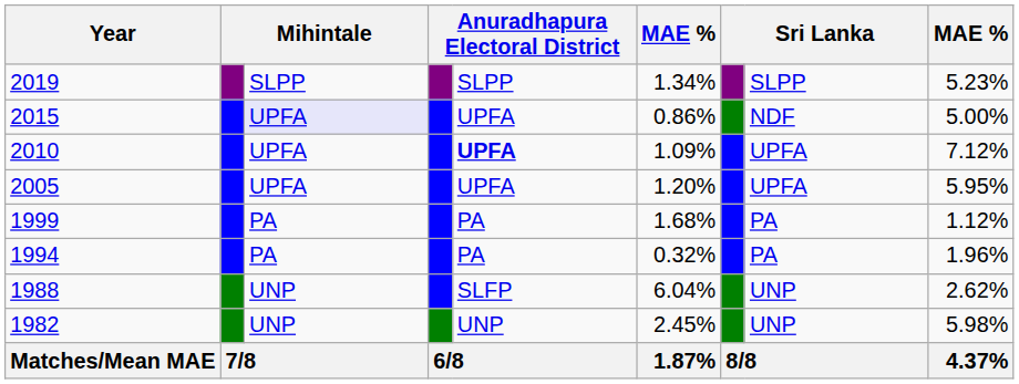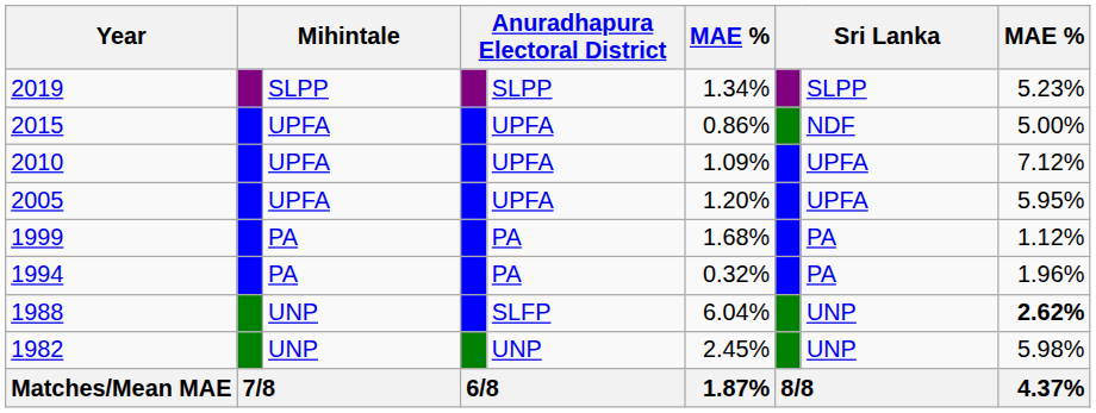 <table class="wikitable">
 <tr>
 <th>Year</th>
 <th colspan="2" width="144px">Mihintale</th>
 <th colspan="2" width="144px"><a href='#'>Anuradhapura Electoral District</a></th>
 <th><a href='#'>MAE</a> %</th>
 <th colspan="2" width="144px">Sri Lanka</th>
 <th>MAE %</th>
 </tr>
 <tr>
 <td><a href='#'>2019</a></td>
 <td style="background-color:purple;" width="10px"></td>
 <td style="text-align:left;"><a href='#'>SLPP</a></td>
 <td style="background-color:purple;" width="10px"></td>
 <td style="text-align:left;"><a href='#'>SLPP</a></td>
 <td style="text-align:right;">1.34%</td>
 <td style="background-color:purple;" width="10px"></td>
 <td style="text-align:left;"><a href='#'>SLPP</a></td>
 <td style="text-align:right;">5.23%</td>
 </tr>
 <tr>
 <td><a href='#'>2015</a></td>
 <td style="background-color:blue;" width="10px"></td>
-<td style="background: lavender; text-align:left;"><a href='#'>UPFA</a></td>
+<td style="text-align:left;"><a href='#'>UPFA</a></td>
 <td style="background-color:blue;" width="10px"></td>
 <td style="text-align:left;"><a href='#'>UPFA</a></td>
 <td style="text-align:right;">0.86%</td>
 <td style="background-color:green;" width="10px"></td>
 <td style="text-align:left;"><a href='#'>NDF</a></td>
 <td style="text-align:right;">5.00%</td>
 </tr>
 <tr>
 <td><a href='#'>2010</a></td>
 <td style="background-color:blue;" width="10px"></td>
 <td style="text-align:left;"><a href='#'>UPFA</a></td>
 <td style="background-color:blue;" width="10px"></td>
-<td style="text-align:left;"><strong><a href='#'>UPFA</a></strong></td>
+<td style="text-align:left;"><a href='#'>UPFA</a></td>
 <td style="text-align:right;">1.09%</td>
 <td style="background-color:blue;" width="10px"></td>
 <td style="text-align:left;"><a href='#'>UPFA</a></td>
 <td style="text-align:right;">7.12%</td>
 </tr>
 <tr>
 <td><a href='#'>2005</a></td>
 <td style="background-color:blue;" width="10px"></td>
 <td style="text-align:left;"><a href='#'>UPFA</a></td>
 <td style="background-color:blue;" width="10px"></td>
 <td style="text-align:left;"><a href='#'>UPFA</a></td>
 <td style="text-align:right;">1.20%</td>
 <td style="background-color:blue;" width="10px"></td>
 <td style="text-align:left;"><a href='#'>UPFA</a></td>
 <td style="text-align:right;">5.95%</td>
 </tr>
 <tr>
 <td><a href='#'>1999</a></td>
 <td style="background-color:blue;" width="10px"></td>
 <td style="text-align:left;"><a href='#'>PA</a></td>
 <td style="background-color:blue;" width="10px"></td>
 <td style="text-align:left;"><a href='#'>PA</a></td>
 <td style="text-align:right;">1.68%</td>
 <td style="background-color:blue;" width="10px"></td>
 <td style="text-align:left;"><a href='#'>PA</a></td>
 <td style="text-align:right;">1.12%</td>
 </tr>
 <tr>
 <td><a href='#'>1994</a></td>
 <td style="background-color:blue;" width="10px"></td>
 <td style="text-align:left;"><a href='#'>PA</a></td>
 <td style="background-color:blue;" width="10px"></td>
 <td style="text-align:left;"><a href='#'>PA</a></td>
 <td style="text-align:right;">0.32%</td>
 <td style="background-color:blue;" width="10px"></td>
 <td style="text-align:left;"><a href='#'>PA</a></td>
 <td style="text-align:right;">1.96%</td>
 </tr>
 <tr>
 <td><a href='#'>1988</a></td>
 <td style="background-color:green;" width="10px"></td>
 <td style="text-align:left;"><a href='#'>UNP</a></td>
 <td style="background-color:blue;" width="10px"></td>
 <td style="text-align:left;"><a href='#'>SLFP</a></td>
 <td style="text-align:right;">6.04%</td>
 <td style="background-color:green;" width="10px"></td>
 <td style="text-align:left;"><a href='#'>UNP</a></td>
-<td style="text-align:right;">2.62%</td>
+<td style="text-align:right;"><strong>2.62%</strong></td>
 </tr>
 <tr>
 <td><a href='#'>1982</a></td>
 <td style="background-color:green;" width="10px"></td>
 <td style="text-align:left;"><a href='#'>UNP</a></td>
 <td style="background-color:green;" width="10px"></td>
 <td style="text-align:left;"><a href='#'>UNP</a></td>
 <td style="text-align:right;">2.45%</td>
 <td style="background-color:green;" width="10px"></td>
 <td style="text-align:left;"><a href='#'>UNP</a></td>
 <td style="text-align:right;">5.98%</td>
 </tr>
 <tr>
 <th>Matches/Mean MAE</th>
 <th style="text-align:left;"colspan="2" width="144px">7/8</th>
 <th style="text-align:left;"colspan="2" width="144px">6/8</th>
 <th style="text-align:right;">1.87%</th>
 <th style="text-align:left;"colspan="2" width="144px">8/8</th>
 <th style="text-align:right;">4.37%</th>
 </tr>
 </table>
